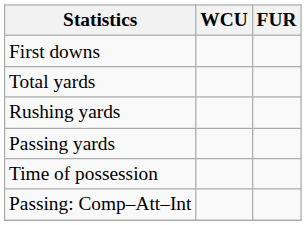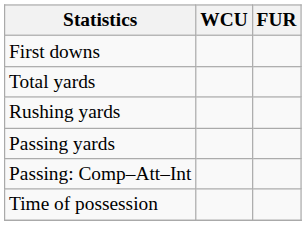 <table class="wikitable" style="float: left;">
 <tr>
 <th>Statistics</th>
 <th>WCU</th>
 <th>FUR</th>
 </tr>
 <tr>
 <td>First downs</td>
 <td></td>
 <td></td>
 </tr>
 <tr>
 <td>Total yards</td>
 <td></td>
 <td></td>
 </tr>
 <tr>
 <td>Rushing yards</td>
 <td></td>
 <td></td>
 </tr>
 <tr>
 <td>Passing yards</td>
 <td></td>
 <td></td>
 </tr>
 <tr>
-<td>Time of possession</td>
+<td>Passing: Comp–Att–Int</td>
 <td></td>
 <td></td>
 </tr>
 <tr>
-<td>Passing: Comp–Att–Int</td>
+<td>Time of possession</td>
 <td></td>
 <td></td>
 </tr>
 <tr>
 </tr>
 </table>
